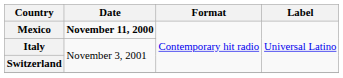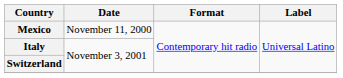 <table class="wikitable plainrowheaders">
 <tr>
 <th>Country</th>
 <th>Date</th>
 <th>Format</th>
 <th>Label</th>
 </tr>
 <tr>
 <th scope="row">Mexico</th>
-<td rowspan="1"><strong>November 11, 2000</strong></td>
+<td rowspan="1">November 11, 2000</td>
 <td rowspan="3"><a href='#'>Contemporary hit radio</a></td>
 <td rowspan="3"><a href='#'>Universal Latino</a></td>
 </tr>
 <tr>
 <th scope="row">Italy</th>
 <td rowspan="2">November 3, 2001</td>
 </tr>
 <tr>
 <th scope="row">Switzerland</th>
 </tr>
 <tr>
 </tr>
 </table>
